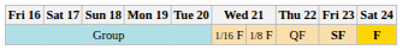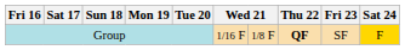 <table class="wikitable" style="text-align: center">
 <tr>
 <th>Fri 16</th>
 <th>Sat 17</th>
 <th>Sun 18</th>
 <th>Mon 19</th>
 <th>Tue 20</th>
 <th colspan=2>Wed 21</th>
 <th>Thu 22</th>
 <th>Fri 23</th>
 <th>Sat 24</th>
 </tr>
 <tr>
 <td colspan="5" style="background: #b0e0e6">Group</td>
 <td style="background: #fadfad"><small>1/16</small> F</td>
 <td style="background: #fadfad"><small>1/8</small> F</td>
-<td style="background: #fadfad">QF</td>
-<td style="background: #fadfad"><strong>SF</strong></td>
-<td style="background: #ffd700"><strong>F</strong></td>
+<td style="background: #fadfad"><strong>QF</strong></td>
+<td style="background: #fadfad">SF</td>
+<td style="background: #ffd700">F</td>
 </tr>
 </table>
